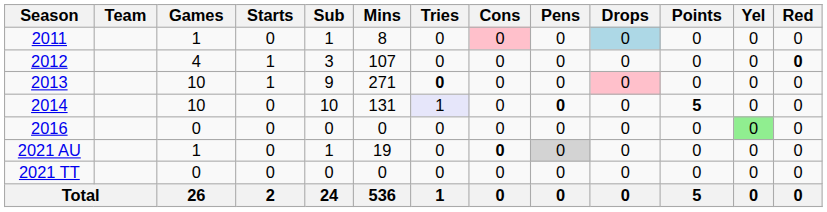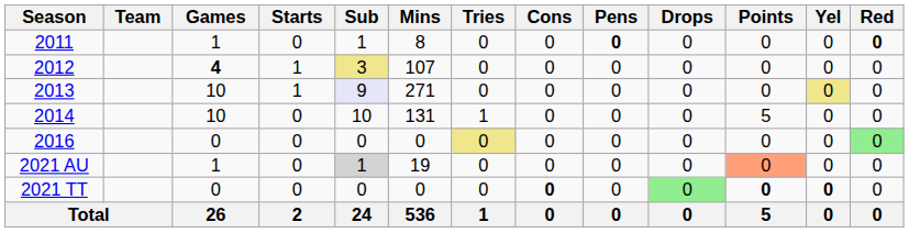 <table class="wikitable" style="text-align:center; line-height:90%; font-size:95%; width:60%;">
 <tr>
 <th>Season</th>
 <th>Team</th>
 <th>Games</th>
 <th>Starts</th>
 <th>Sub</th>
 <th>Mins</th>
 <th>Tries</th>
 <th>Cons</th>
 <th>Pens</th>
 <th>Drops</th>
 <th>Points</th>
 <th>Yel</th>
 <th>Red</th>
 </tr>
 <tr>
 <td><a href='#'>2011</a></td>
 <td></td>
 <td>1</td>
 <td>0</td>
 <td>1</td>
 <td>8</td>
 <td>0</td>
-<td style="background: pink;">0</td>
 <td>0</td>
-<td style="background: lightblue;">0</td>
+<td><strong>0</strong></td>
 <td>0</td>
 <td>0</td>
 <td>0</td>
+<td><strong>0</strong></td>
 </tr>
 <tr>
 <td><a href='#'>2012</a></td>
 <td></td>
-<td>4</td>
+<td><strong>4</strong></td>
 <td>1</td>
-<td>3</td>
+<td style="background: khaki;">3</td>
 <td>107</td>
 <td>0</td>
 <td>0</td>
 <td>0</td>
 <td>0</td>
 <td>0</td>
 <td>0</td>
-<td><strong>0</strong></td>
+<td>0</td>
 </tr>
 <tr>
 <td><a href='#'>2013</a></td>
 <td></td>
 <td>10</td>
 <td>1</td>
-<td>9</td>
+<td style="background: lavender;">9</td>
 <td>271</td>
-<td><strong>0</strong></td>
 <td>0</td>
 <td>0</td>
-<td style="background: pink;">0</td>
 <td>0</td>
 <td>0</td>
+<td>0</td>
+<td style="background: khaki;">0</td>
 <td>0</td>
 </tr>
 <tr>
 <td><a href='#'>2014</a></td>
 <td></td>
 <td>10</td>
 <td>0</td>
 <td>10</td>
 <td>131</td>
-<td style="background: lavender;">1</td>
+<td>1</td>
 <td>0</td>
-<td><strong>0</strong></td>
 <td>0</td>
-<td><strong>5</strong></td>
+<td>0</td>
+<td>5</td>
 <td>0</td>
 <td>0</td>
 </tr>
 <tr>
 <td><a href='#'>2016</a></td>
 <td></td>
 <td>0</td>
 <td>0</td>
 <td>0</td>
 <td>0</td>
+<td style="background: khaki;">0</td>
 <td>0</td>
 <td>0</td>
 <td>0</td>
 <td>0</td>
 <td>0</td>
 <td style="background: lightgreen;">0</td>
-<td>0</td>
 </tr>
 <tr>
 <td><a href='#'>2021 AU</a></td>
 <td></td>
 <td>1</td>
 <td>0</td>
-<td>1</td>
+<td style="background: lightgrey;">1</td>
 <td>19</td>
 <td>0</td>
-<td><strong>0</strong></td>
-<td style="background: lightgrey;">0</td>
 <td>0</td>
 <td>0</td>
+<td>0</td>
+<td style="background: lightsalmon;">0</td>
 <td>0</td>
 <td>0</td>
 </tr>
 <tr>
 <td><a href='#'>2021 TT</a></td>
 <td></td>
 <td>0</td>
 <td>0</td>
 <td>0</td>
 <td>0</td>
 <td>0</td>
+<td><strong>0</strong></td>
 <td>0</td>
-<td>0</td>
-<td>0</td>
-<td>0</td>
-<td>0</td>
+<td style="background: lightgreen;">0</td>
+<td><strong>0</strong></td>
+<td><strong>0</strong></td>
 <td>0</td>
 </tr>
 <tr>
 <th colspan="2">Total</th>
 <th>26</th>
 <th>2</th>
 <th>24</th>
 <th>536</th>
 <th>1</th>
 <th>0</th>
 <th>0</th>
 <th>0</th>
 <th>5</th>
 <th>0</th>
 <th>0</th>
 </tr>
 </table>
